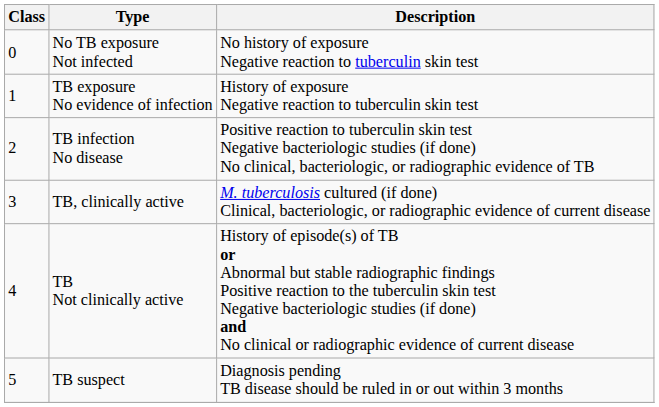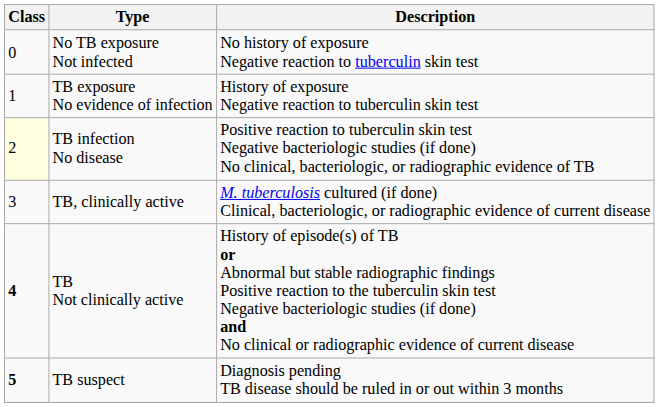 <table class="wikitable">
 <tr>
 <th scope="col">Class</th>
 <th scope="col">Type</th>
 <th scope="col">Description</th>
 </tr>
 <tr>
 <td>0</td>
 <td>No TB exposure<br>Not infected</td>
 <td>No history of exposure<br>Negative reaction to <a href='#'>tuberculin</a> skin test</td>
 </tr>
 <tr>
 <td>1</td>
 <td>TB exposure<br>No evidence of infection</td>
 <td>History of exposure<br>Negative reaction to tuberculin skin test</td>
 </tr>
 <tr>
-<td>2</td>
+<td style="background: lightyellow;">2</td>
 <td>TB infection <br>No disease</td>
 <td>Positive reaction to tuberculin skin test<br>Negative bacteriologic studies (if done)<br>No clinical, bacteriologic, or radiographic evidence of TB</td>
 </tr>
 <tr>
 <td>3</td>
 <td>TB, clinically active</td>
 <td><em><a href='#'>M. tuberculosis</a></em> cultured (if done)<br> Clinical, bacteriologic, or radiographic evidence of current disease</td>
 </tr>
 <tr>
-<td>4</td>
+<td><strong>4</strong></td>
 <td>TB <br> Not clinically active</td>
 <td>History of episode(s) of TB <br> <strong>or</strong> <br>Abnormal but stable radiographic findings <br>Positive reaction to the tuberculin skin test<br> Negative bacteriologic studies (if done) <br> <strong>and</strong><br> No clinical or radiographic evidence of current disease</td>
 </tr>
 <tr>
-<td>5</td>
+<td><strong>5</strong></td>
 <td>TB suspect</td>
 <td>Diagnosis pending<br>TB disease should be ruled in or out within 3 months</td>
 </tr>
 <tr>
 </tr>
 </table>
